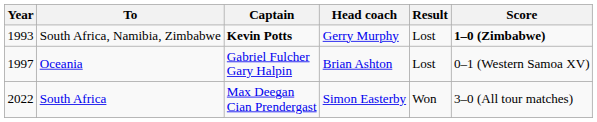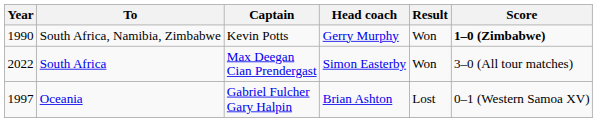 <table class="wikitable" style="align:center;">
 <tr>
 <th>Year</th>
 <th>To</th>
 <th>Captain</th>
 <th>Head coach</th>
 <th>Result</th>
 <th>Score</th>
 </tr>
 <tr>
-<td>1993</td>
+<td>1990</td>
 <td>South Africa, Namibia, Zimbabwe</td>
-<td><strong> Kevin Potts</strong></td>
+<td> Kevin Potts</td>
 <td><a href='#'>Gerry Murphy</a></td>
-<td>Lost</td>
+<td>Won</td>
 <td><strong>1–0 (Zimbabwe)</strong></td>
+</tr>
+<tr>
+<td>2022</td>
+<td><a href='#'>South Africa</a></td>
+<td><a href='#'>Max Deegan</a> <br> <a href='#'>Cian Prendergast</a></td>
+<td><a href='#'>Simon Easterby</a></td>
+<td>Won</td>
+<td>3–0 (All tour matches)</td>
 </tr>
 <tr>
 <td>1997</td>
 <td><a href='#'>Oceania</a></td>
 <td><a href='#'>Gabriel Fulcher</a> <br>  <a href='#'>Gary Halpin</a></td>
 <td><a href='#'>Brian Ashton</a></td>
 <td>Lost</td>
 <td>0–1 (Western Samoa XV)</td>
 </tr>
-<tr>
-<td>2022</td>
-<td><a href='#'>South Africa</a></td>
-<td><a href='#'>Max Deegan</a> <br> <a href='#'>Cian Prendergast</a></td>
-<td><a href='#'>Simon Easterby</a></td>
-<td>Won</td>
-<td>3–0 (All tour matches)</td>
-</tr>
 </table>
